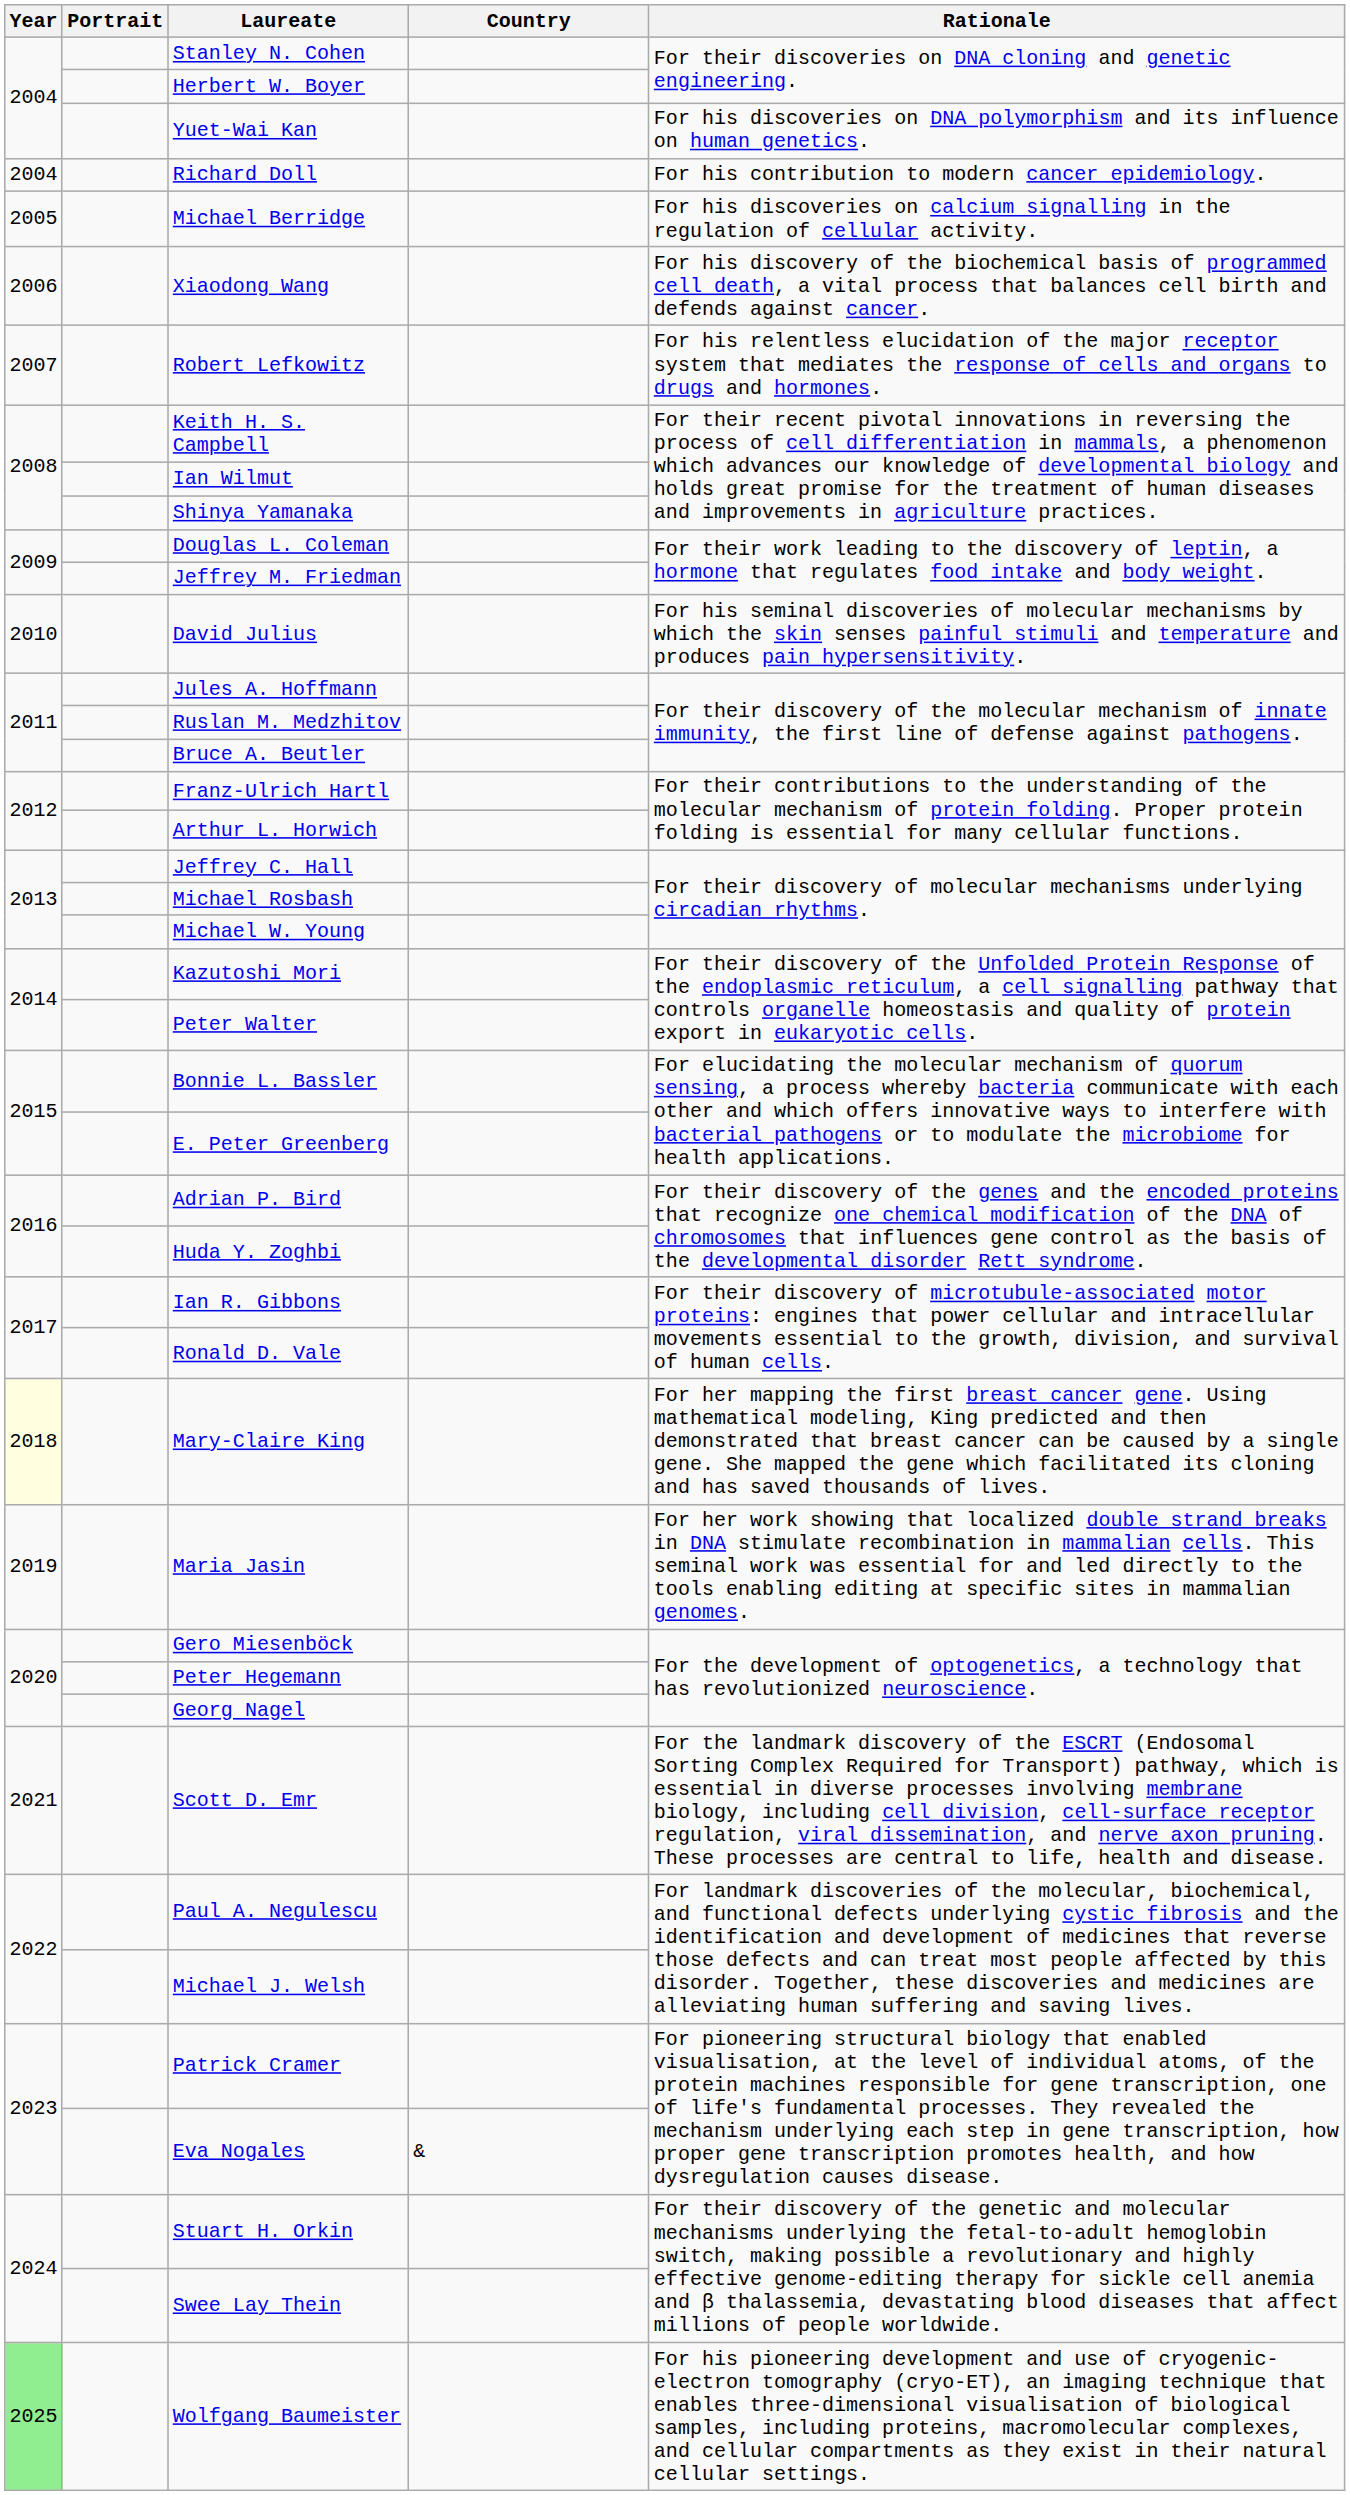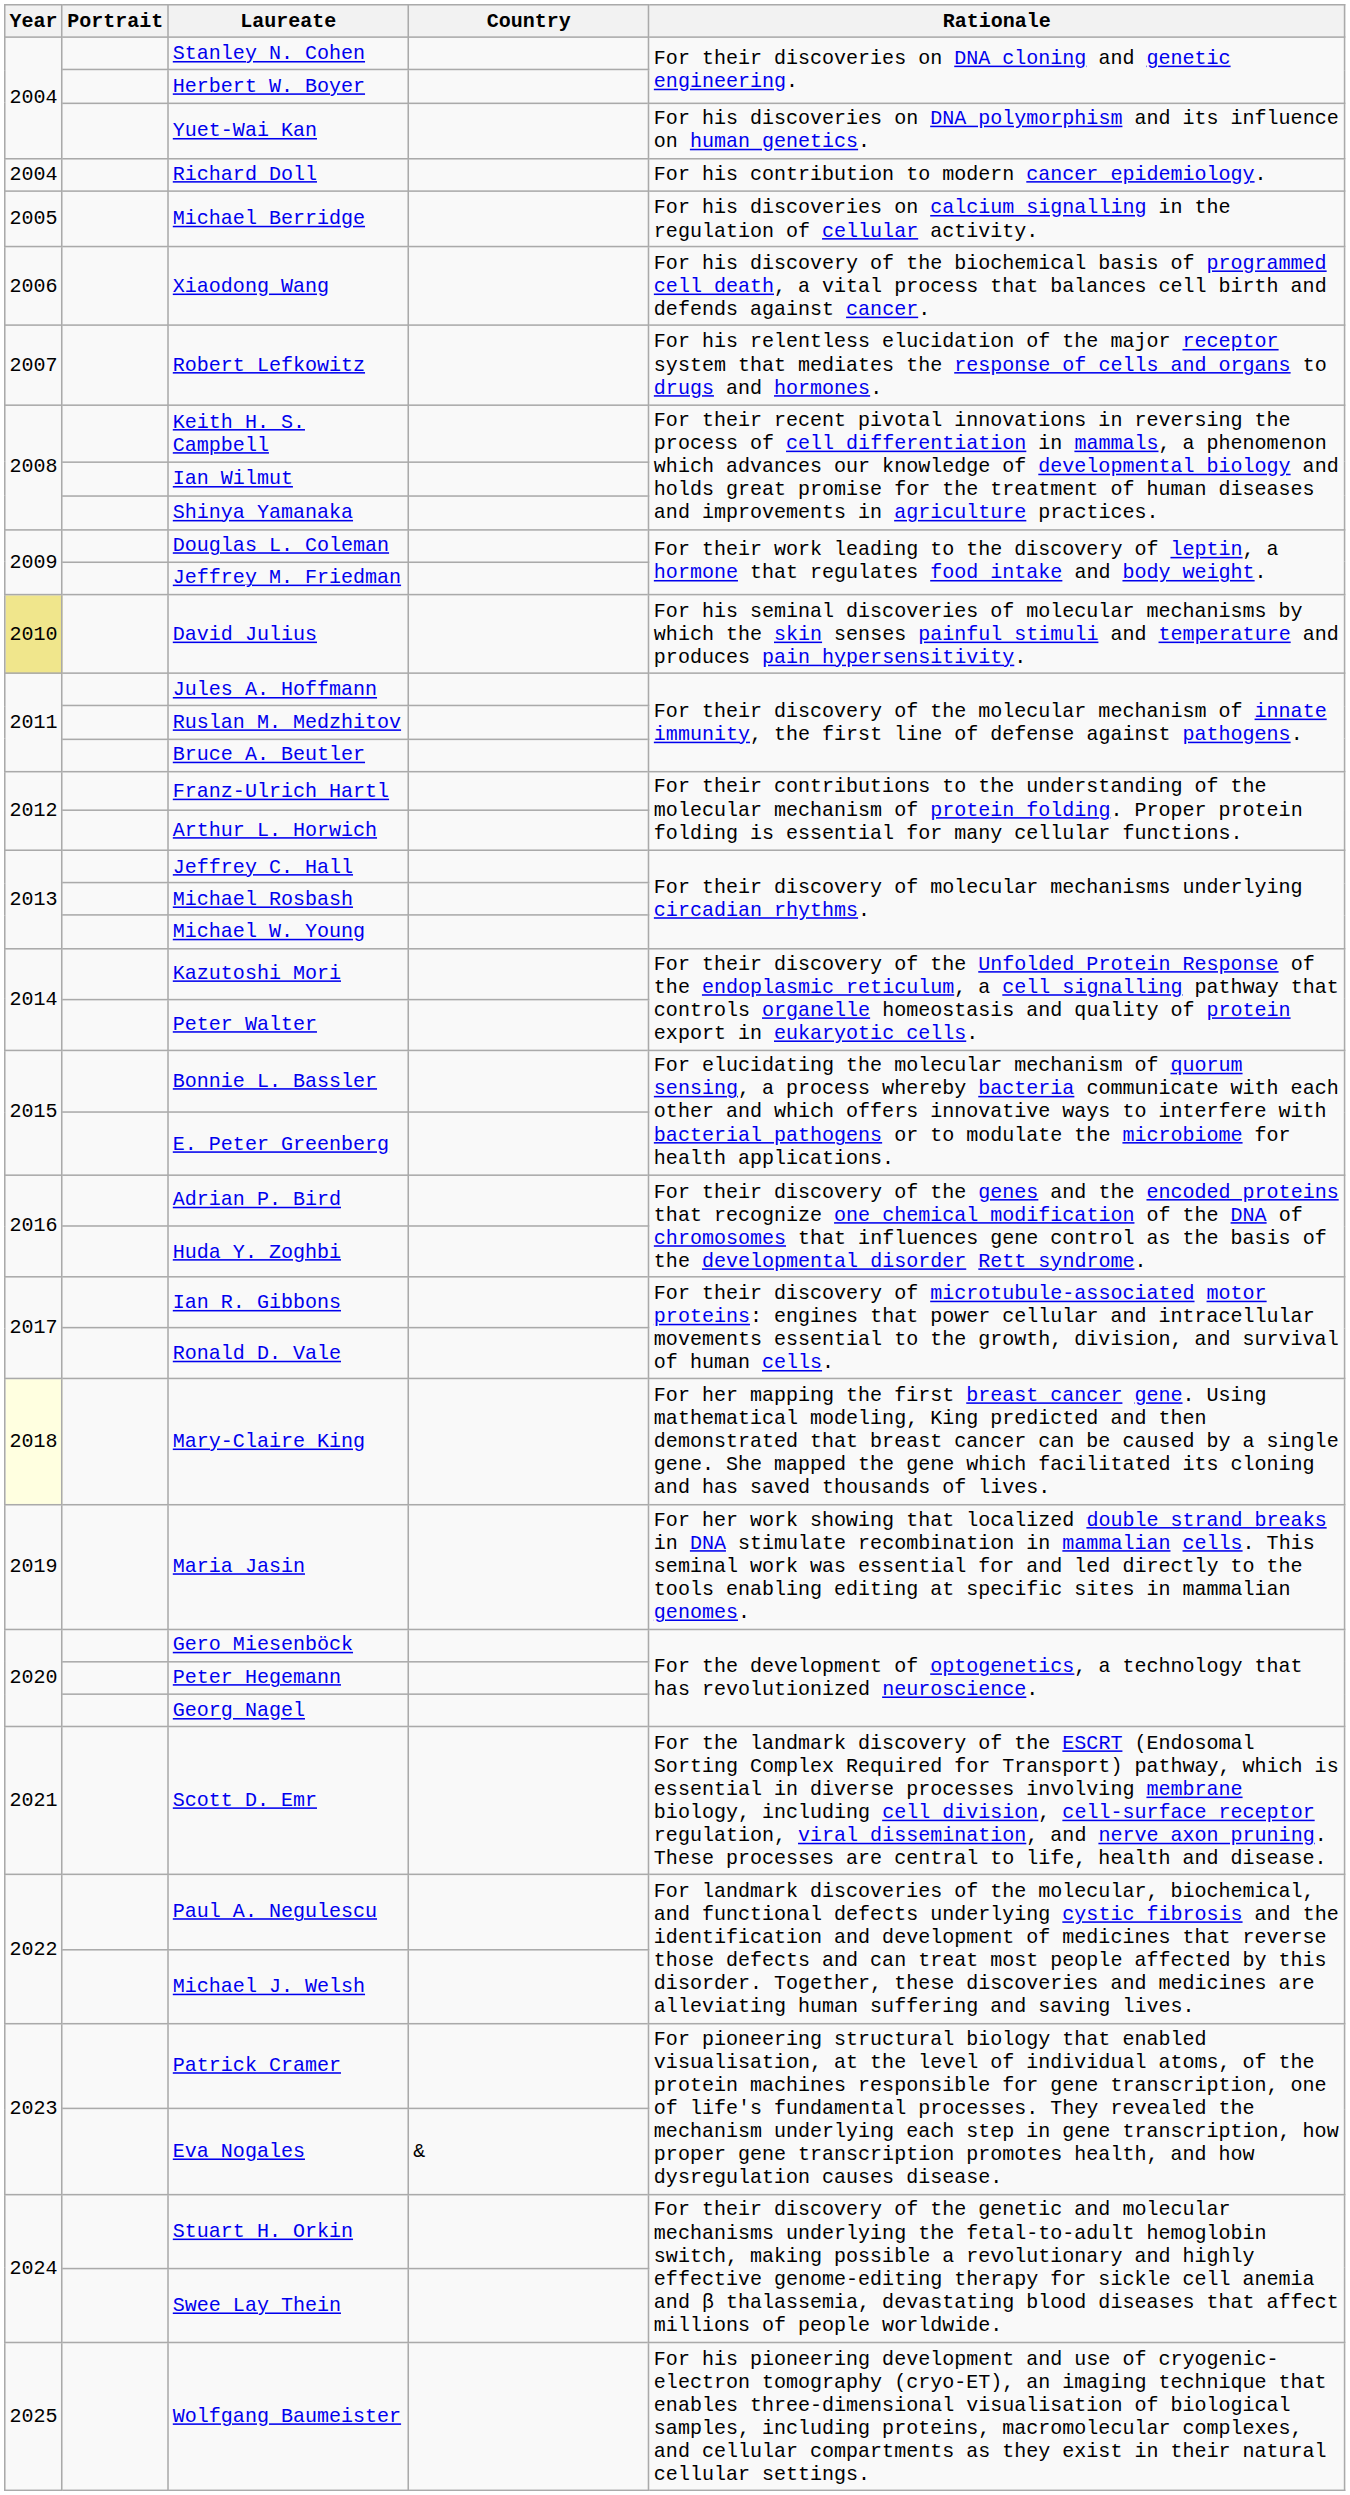 <table class="wikitable sortable">
 <tr>
 <th>Year</th>
 <th class="unsortable">Portrait</th>
 <th style="width:150px">Laureate</th>
 <th style="width:150px">Country</th>
 <th class="unsortable">Rationale</th>
 </tr>
 <tr>
 <td rowspan=3>2004</td>
 <td></td>
 <td data-sort-value="Cohen"><a href='#'>Stanley N. Cohen</a></td>
 <td></td>
 <td rowspan=2>For their discoveries on <a href='#'>DNA cloning</a> and <a href='#'>genetic engineering</a>.</td>
 </tr>
 <tr>
 <td></td>
 <td data-sort-value="Boyer"><a href='#'>Herbert W. Boyer</a></td>
 <td></td>
 </tr>
 <tr>
 <td></td>
 <td data-sort-value="Kan"><a href='#'>Yuet-Wai Kan</a></td>
 <td></td>
 <td>For his discoveries on <a href='#'>DNA polymorphism</a> and its influence on <a href='#'>human genetics</a>.</td>
 </tr>
 <tr>
 <td>2004</td>
 <td></td>
 <td data-sort-value="Doll"><a href='#'>Richard Doll</a></td>
 <td></td>
 <td>For his contribution to modern <a href='#'>cancer epidemiology</a>.</td>
 </tr>
 <tr>
 <td>2005</td>
 <td></td>
 <td data-sort-value="Berridge"><a href='#'>Michael Berridge</a></td>
 <td></td>
 <td>For his discoveries on <a href='#'>calcium signalling</a> in the regulation of <a href='#'>cellular</a> activity.</td>
 </tr>
 <tr>
 <td>2006</td>
 <td></td>
 <td data-sort-value="Wang"><a href='#'>Xiaodong Wang</a></td>
 <td></td>
 <td>For his discovery of the biochemical basis of <a href='#'>programmed cell death</a>, a vital process that balances cell birth and defends against <a href='#'>cancer</a>.</td>
 </tr>
 <tr>
 <td>2007</td>
 <td></td>
 <td data-sort-value="Lefkowitz"><a href='#'>Robert Lefkowitz</a></td>
 <td></td>
 <td>For his relentless elucidation of the major <a href='#'>receptor</a> system that mediates the <a href='#'>response of cells and organs</a> to <a href='#'>drugs</a> and <a href='#'>hormones</a>.</td>
 </tr>
 <tr>
 <td rowspan=3>2008</td>
 <td></td>
 <td data-sort-value="Campbell"><a href='#'>Keith H. S. Campbell</a></td>
 <td></td>
 <td rowspan=3>For their recent pivotal innovations in reversing the process of <a href='#'>cell differentiation</a> in <a href='#'>mammals</a>, a phenomenon which advances our knowledge of <a href='#'>developmental biology</a> and holds great promise for the treatment of human diseases and  improvements in <a href='#'>agriculture</a> practices.</td>
 </tr>
 <tr>
 <td></td>
 <td data-sort-value="Wilmut"><a href='#'>Ian Wilmut</a></td>
 <td></td>
 </tr>
 <tr>
 <td></td>
 <td data-sort-value="Yamanaka"><a href='#'>Shinya Yamanaka</a></td>
 <td></td>
 </tr>
 <tr>
 <td rowspan=2>2009</td>
 <td></td>
 <td data-sort-value="Coleman"><a href='#'>Douglas L. Coleman</a></td>
 <td></td>
 <td rowspan=2>For their work leading to the discovery of <a href='#'>leptin</a>, a <a href='#'>hormone</a> that regulates <a href='#'>food intake</a> and <a href='#'>body weight</a>.</td>
 </tr>
 <tr>
 <td></td>
 <td data-sort-value="Friedman"><a href='#'>Jeffrey M. Friedman</a></td>
 <td></td>
 </tr>
 <tr>
-<td>2010</td>
+<td style="background: khaki;">2010</td>
 <td></td>
 <td data-sort-value="Julius"><a href='#'>David Julius</a></td>
 <td></td>
 <td>For his seminal discoveries of molecular mechanisms by which the <a href='#'>skin</a> senses <a href='#'>painful stimuli</a> and <a href='#'>temperature</a> and produces <a href='#'>pain hypersensitivity</a>.</td>
 </tr>
 <tr>
 <td rowspan=3>2011</td>
 <td></td>
 <td data-sort-value="Hoffmann"><a href='#'>Jules A. Hoffmann</a></td>
 <td></td>
 <td rowspan=3>For their discovery of the molecular mechanism of <a href='#'>innate immunity</a>, the first line of defense against <a href='#'>pathogens</a>.</td>
 </tr>
 <tr>
 <td></td>
 <td data-sort-value="Medzhitov"><a href='#'>Ruslan M. Medzhitov</a></td>
 <td></td>
 </tr>
 <tr>
 <td></td>
 <td data-sort-value="Beutler"><a href='#'>Bruce A. Beutler</a></td>
 <td></td>
 </tr>
 <tr>
 <td rowspan=2>2012</td>
 <td></td>
 <td data-sort-value="Hartl"><a href='#'>Franz-Ulrich Hartl</a></td>
 <td></td>
 <td rowspan=2>For their contributions to the understanding of the molecular mechanism of <a href='#'>protein folding</a>. Proper protein folding is essential for many cellular functions.</td>
 </tr>
 <tr>
 <td></td>
 <td data-sort-value="Horwich"><a href='#'>Arthur L. Horwich</a></td>
 <td></td>
 </tr>
 <tr>
 <td rowspan=3>2013</td>
 <td></td>
 <td data-sort-value="Hall"><a href='#'>Jeffrey C. Hall</a></td>
 <td></td>
 <td rowspan=3>For their discovery of molecular mechanisms underlying <a href='#'>circadian rhythms</a>.</td>
 </tr>
 <tr>
 <td></td>
 <td data-sort-value="Rosbash"><a href='#'>Michael Rosbash</a></td>
 <td></td>
 </tr>
 <tr>
 <td></td>
 <td data-sort-value="Young"><a href='#'>Michael W. Young</a></td>
 <td></td>
 </tr>
 <tr>
 <td rowspan=2>2014</td>
 <td></td>
 <td data-sort-value="Mori"><a href='#'>Kazutoshi Mori</a></td>
 <td></td>
 <td rowspan=2>For their discovery of the <a href='#'>Unfolded Protein Response</a> of the <a href='#'>endoplasmic reticulum</a>, a <a href='#'>cell signalling</a> pathway that controls <a href='#'>organelle</a> homeostasis and quality of <a href='#'>protein</a> export in <a href='#'>eukaryotic cells</a>.</td>
 </tr>
 <tr>
 <td></td>
 <td data-sort-value="Walter"><a href='#'>Peter Walter</a></td>
 <td></td>
 </tr>
 <tr>
 <td rowspan=2>2015</td>
 <td></td>
 <td data-sort-value="Bassler"><a href='#'>Bonnie L. Bassler</a></td>
 <td></td>
 <td rowspan=2>For elucidating the molecular mechanism of <a href='#'>quorum sensing</a>, a process whereby <a href='#'>bacteria</a> communicate with each other and which offers innovative ways to interfere with <a href='#'>bacterial pathogens</a> or to modulate the <a href='#'>microbiome</a> for health applications.</td>
 </tr>
 <tr>
 <td></td>
 <td data-sort-value="Greenberg"><a href='#'>E. Peter Greenberg</a></td>
 <td></td>
 </tr>
 <tr>
 <td rowspan=2>2016</td>
 <td></td>
 <td data-sort-value="Bird"><a href='#'>Adrian P. Bird</a></td>
 <td></td>
 <td rowspan=2>For their discovery of the <a href='#'>genes</a> and the <a href='#'>encoded proteins</a> that recognize <a href='#'>one chemical modification</a> of the <a href='#'>DNA</a> of <a href='#'>chromosomes</a> that influences gene control as the basis of the <a href='#'>developmental disorder</a> <a href='#'>Rett syndrome</a>.</td>
 </tr>
 <tr>
 <td></td>
 <td data-sort-value="Zoghbi"><a href='#'>Huda Y. Zoghbi</a></td>
 <td></td>
 </tr>
 <tr>
 <td rowspan=2>2017</td>
 <td></td>
 <td data-sort-value="Gibbons"><a href='#'>Ian R. Gibbons</a></td>
 <td></td>
 <td rowspan=2>For their discovery of <a href='#'>microtubule-associated</a> <a href='#'>motor proteins</a>: engines that power cellular and intracellular movements essential to the growth, division, and survival of human <a href='#'>cells</a>.</td>
 </tr>
 <tr>
 <td></td>
 <td data-sort-value="Vale"><a href='#'>Ronald D. Vale</a></td>
 <td></td>
 </tr>
 <tr>
 <td style="background: lightyellow;">2018</td>
 <td></td>
 <td data-sort-value="King"><a href='#'>Mary-Claire King</a></td>
 <td></td>
 <td>For her mapping the first <a href='#'>breast cancer</a> <a href='#'>gene</a>. Using mathematical modeling, King predicted and then demonstrated that breast cancer can be caused by a single gene. She mapped the gene which facilitated its cloning and has saved thousands of lives.</td>
 </tr>
 <tr>
 <td>2019</td>
 <td></td>
 <td data-sort-value="Jasin"><a href='#'>Maria Jasin</a></td>
 <td></td>
 <td>For her work showing that localized <a href='#'>double strand breaks</a> in <a href='#'>DNA</a> stimulate recombination in <a href='#'>mammalian</a> <a href='#'>cells</a>. This seminal work was essential for and led directly to the tools enabling editing at specific sites in mammalian <a href='#'>genomes</a>.</td>
 </tr>
 <tr>
 <td rowspan=3>2020</td>
 <td></td>
 <td data-sort-value="Miesenböck"><a href='#'>Gero Miesenböck</a></td>
 <td></td>
 <td rowspan=3>For the development of <a href='#'>optogenetics</a>, a technology that has revolutionized <a href='#'>neuroscience</a>.</td>
 </tr>
 <tr>
 <td></td>
 <td data-sort-value="Hegemann"><a href='#'>Peter Hegemann</a></td>
 <td></td>
 </tr>
 <tr>
 <td></td>
 <td data-sort-value="Nagel"><a href='#'>Georg Nagel</a></td>
 <td></td>
 </tr>
 <tr>
 <td>2021</td>
 <td></td>
 <td data-sort-value="Emr"><a href='#'>Scott D. Emr</a></td>
 <td></td>
 <td>For the landmark discovery of the <a href='#'>ESCRT</a> (Endosomal Sorting Complex Required for Transport) pathway, which is essential in diverse processes involving <a href='#'>membrane</a> biology, including <a href='#'>cell division</a>, <a href='#'>cell-surface receptor</a> regulation, <a href='#'>viral dissemination</a>, and <a href='#'>nerve axon pruning</a>. These processes are central to life, health and disease.</td>
 </tr>
 <tr>
 <td rowspan=2>2022</td>
 <td></td>
 <td data-sort-value="Negulescu"><a href='#'>Paul A. Negulescu</a></td>
 <td></td>
 <td rowspan=2>For landmark discoveries of the molecular, biochemical, and functional defects underlying <a href='#'>cystic fibrosis</a> and the identification and development of medicines that reverse those defects and can treat most people affected by this disorder. Together, these discoveries and medicines are alleviating human suffering and saving lives.</td>
 </tr>
 <tr>
 <td></td>
 <td data-sort-value="Welsh"><a href='#'>Michael J. Welsh</a></td>
 <td></td>
 </tr>
 <tr>
 <td rowspan=2>2023</td>
 <td></td>
 <td data-sort-value="Cramer"><a href='#'>Patrick Cramer</a></td>
 <td></td>
 <td rowspan=2>For pioneering structural biology that enabled visualisation, at the level of individual atoms, of the protein machines responsible for gene transcription, one of life's fundamental processes. They revealed the mechanism underlying each step in gene transcription, how proper gene transcription promotes health, and how dysregulation causes disease.</td>
 </tr>
 <tr>
 <td></td>
 <td data-sort-value="Nogales"><a href='#'>Eva Nogales</a></td>
 <td> & </td>
 </tr>
 <tr>
 <td rowspan=2>2024</td>
 <td></td>
 <td data-sort-value="Orkin"><a href='#'>Stuart H. Orkin</a></td>
 <td></td>
 <td rowspan=2>For their discovery of the genetic and molecular mechanisms underlying the fetal-to-adult hemoglobin switch, making possible a revolutionary and highly effective genome-editing therapy for sickle cell anemia and β thalassemia, devastating blood diseases that affect millions of people worldwide.</td>
 </tr>
 <tr>
 <td></td>
 <td data-sort-value="Thein"><a href='#'>Swee Lay Thein</a></td>
 <td></td>
 </tr>
 <tr>
-<td style="background: lightgreen;">2025</td>
+<td>2025</td>
 <td></td>
 <td data-sort-value="Baumeister"><a href='#'>Wolfgang Baumeister</a></td>
 <td></td>
 <td>For his pioneering development and use of cryogenic-electron tomography (cryo-ET), an imaging technique that enables three-dimensional visualisation of biological samples, including proteins, macromolecular complexes, and cellular compartments as they exist in their natural cellular settings.</td>
 </tr>
 </table>
